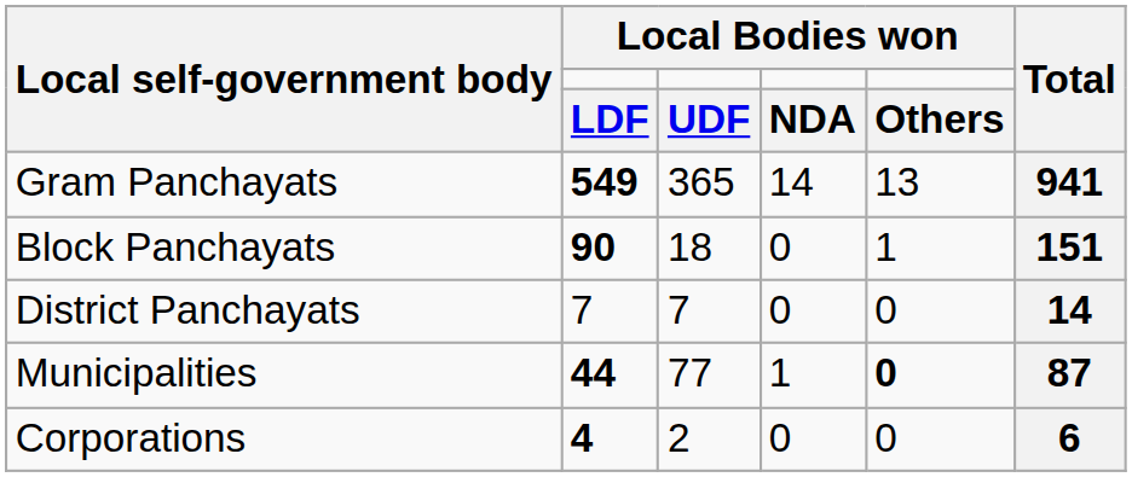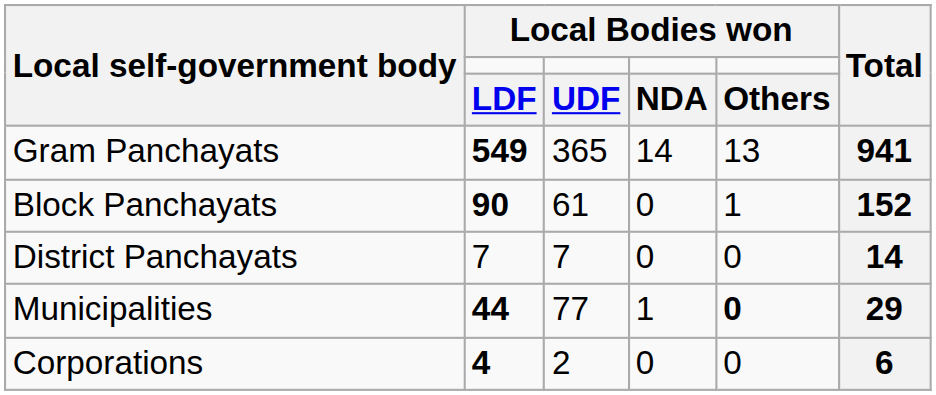 <table class="wikitable">
 <tr>
 <th rowspan="3">Local self-government body</th>
 <th colspan="4">Local Bodies won</th>
 <th rowspan="3">Total</th>
 </tr>
 <tr>
 <td style="background:"></td>
 <td style="background:"></td>
 <td style="background:"></td>
 <td style="background:"></td>
 </tr>
 <tr>
 <th><a href='#'>LDF</a></th>
 <th><a href='#'>UDF</a></th>
 <th>NDA</th>
 <th>Others</th>
 </tr>
 <tr>
 <td>Gram Panchayats</td>
 <td><strong>549</strong></td>
 <td>365</td>
 <td>14</td>
 <td>13</td>
 <th>941</th>
 </tr>
 <tr>
 <td>Block Panchayats</td>
 <td><strong>90</strong></td>
-<td>18</td>
+<td>61</td>
 <td>0</td>
 <td>1</td>
-<th>151</th>
+<th>152</th>
 </tr>
 <tr>
 <td>District Panchayats</td>
 <td>7</td>
 <td>7</td>
 <td>0</td>
 <td>0</td>
 <th>14</th>
 </tr>
 <tr>
 <td>Municipalities</td>
 <td><strong>44</strong></td>
 <td>77</td>
 <td>1</td>
 <td><strong>0</strong></td>
-<th>87</th>
+<th>29</th>
 </tr>
 <tr>
 <td>Corporations</td>
 <td><strong>4</strong></td>
 <td>2</td>
 <td>0</td>
 <td>0</td>
 <th>6</th>
 </tr>
 </table>
